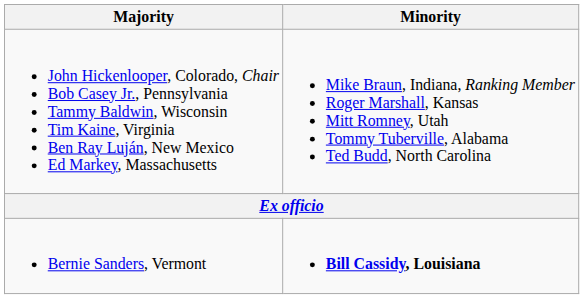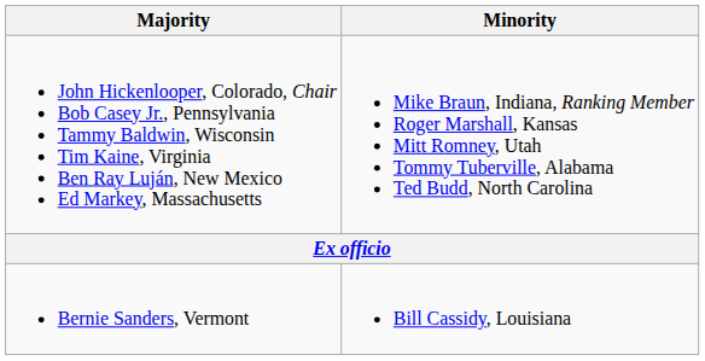 <table class=wikitable>
 <tr>
 <th>Majority</th>
 <th>Minority</th>
 </tr>
 <tr>
 <td><br><ul><li><a href='#'>John Hickenlooper</a>, Colorado, <em>Chair</em></li><li><a href='#'>Bob Casey Jr.</a>, Pennsylvania</li><li><a href='#'>Tammy Baldwin</a>, Wisconsin</li><li><a href='#'>Tim Kaine</a>, Virginia</li><li><a href='#'>Ben Ray Luján</a>, New Mexico</li><li><a href='#'>Ed Markey</a>, Massachusetts</li></ul></td>
 <td><br><ul><li><a href='#'>Mike Braun</a>, Indiana, <em>Ranking Member</em></li><li><a href='#'>Roger Marshall</a>, Kansas</li><li><a href='#'>Mitt Romney</a>, Utah</li><li><a href='#'>Tommy Tuberville</a>, Alabama</li><li><a href='#'>Ted Budd</a>, North Carolina</li></ul></td>
 </tr>
 <tr>
 <th colspan=2><em><a href='#'>Ex officio</a></em></th>
 </tr>
 <tr>
 <td><br><ul><li><span><a href='#'>Bernie Sanders</a>, Vermont</span></li></ul></td>
-<td><strong><br><ul><li><a href='#'>Bill Cassidy</a>, Louisiana</li></ul></strong></td>
+<td><br><ul><li><a href='#'>Bill Cassidy</a>, Louisiana</li></ul></td>
 </tr>
 </table>
